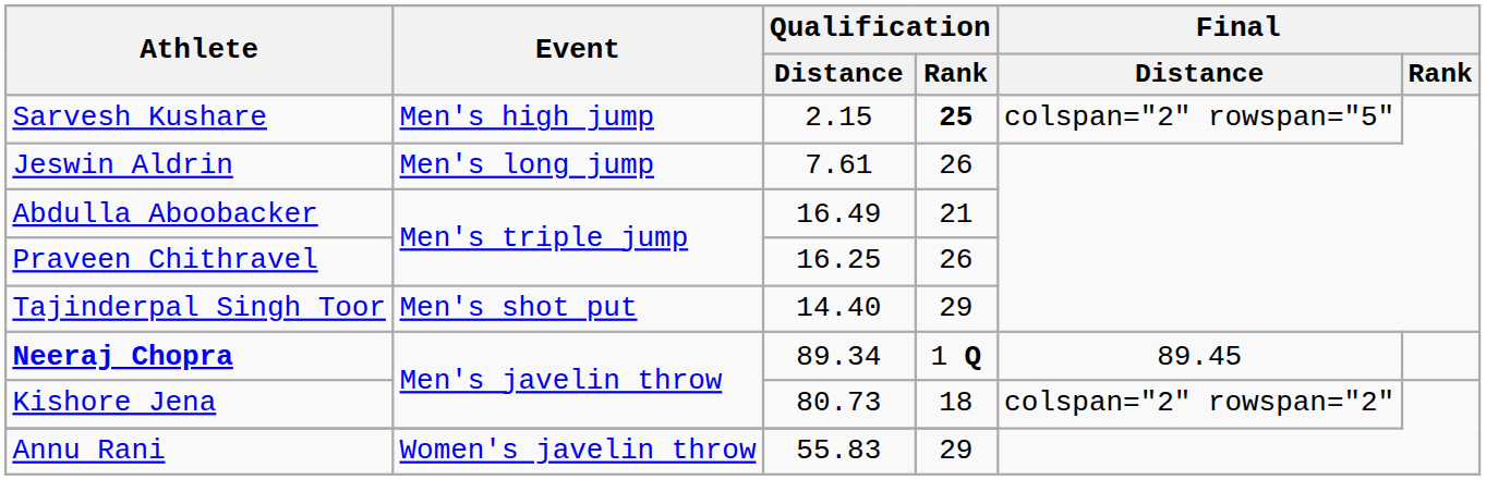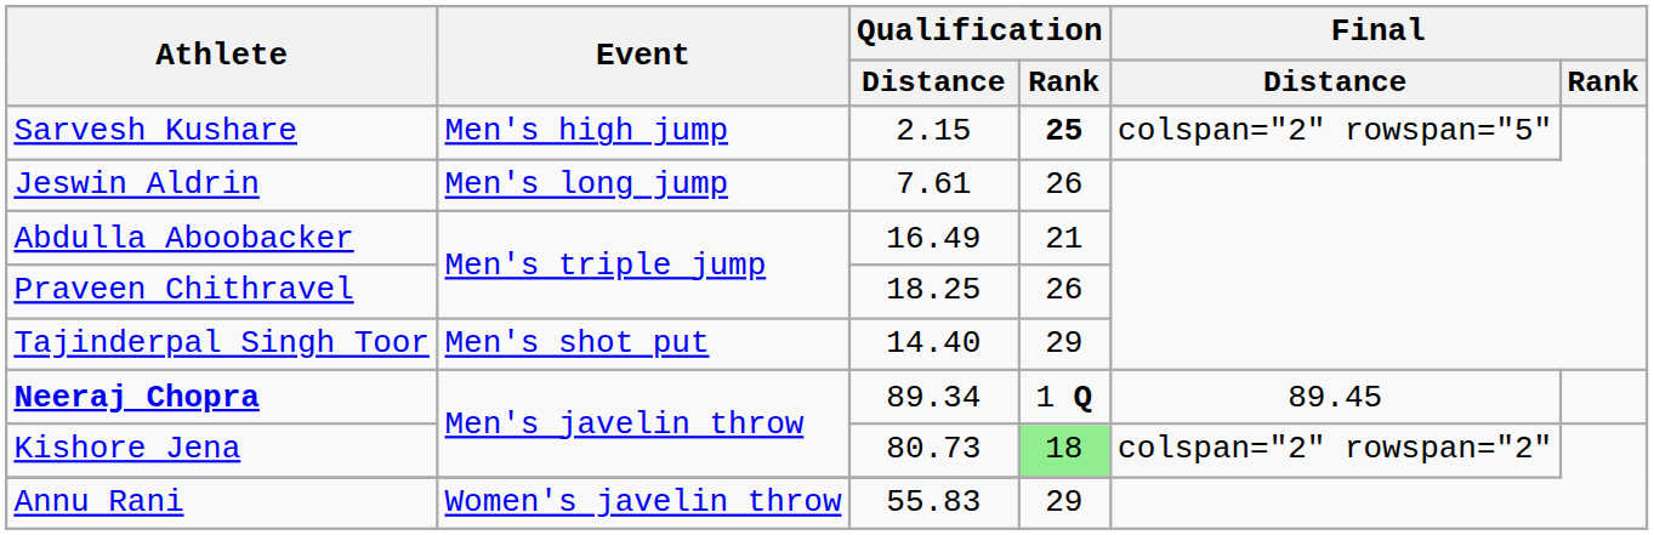 <table class=wikitable style="font-size:90%">
 <tr>
 <th rowspan="2">Athlete</th>
 <th rowspan="2">Event</th>
 <th colspan="2">Qualification</th>
 <th colspan="2">Final</th>
 </tr>
 <tr style="font-size:95%">
 <th>Distance</th>
 <th>Rank</th>
 <th>Distance</th>
 <th>Rank</th>
 </tr>
 <tr align=center>
 <td align=left><a href='#'>Sarvesh Kushare</a></td>
 <td align=left><a href='#'>Men's high jump</a></td>
 <td>2.15</td>
 <td><strong>25</strong></td>
 <td>colspan="2" rowspan="5" </td>
 </tr>
 <tr align=center>
 <td align=left><a href='#'>Jeswin Aldrin</a></td>
 <td align=left><a href='#'>Men's long jump</a></td>
 <td>7.61</td>
 <td>26</td>
 </tr>
 <tr align=center>
 <td align=left><a href='#'>Abdulla Aboobacker</a></td>
 <td rowspan=2 align=left><a href='#'>Men's triple jump</a></td>
 <td>16.49</td>
 <td>21</td>
 </tr>
 <tr align=center>
 <td align=left><a href='#'>Praveen Chithravel</a></td>
-<td>16.25</td>
+<td>18.25</td>
 <td>26</td>
 </tr>
 <tr align=center>
 <td align=left><a href='#'>Tajinderpal Singh Toor</a></td>
 <td align=left><a href='#'>Men's shot put</a></td>
 <td>14.40</td>
 <td>29</td>
 </tr>
 <tr align=center>
 <td align=left><strong><a href='#'>Neeraj Chopra</a></strong></td>
 <td rowspan="2" align="left"><a href='#'>Men's javelin throw</a></td>
 <td>89.34 </td>
 <td>1 <strong>Q</strong></td>
 <td>89.45 </td>
 <td></td>
 </tr>
 <tr align=center>
 <td align=left><a href='#'>Kishore Jena</a></td>
 <td>80.73</td>
-<td>18</td>
+<td style="background: lightgreen;">18</td>
 <td>colspan="2" rowspan="2" </td>
 </tr>
 <tr align=cente>
 </tr>
 <tr align=center>
 <td align=left><a href='#'>Annu Rani</a></td>
 <td align=left><a href='#'>Women's javelin throw</a></td>
 <td>55.83</td>
 <td>29</td>
 </tr>
 </table>
